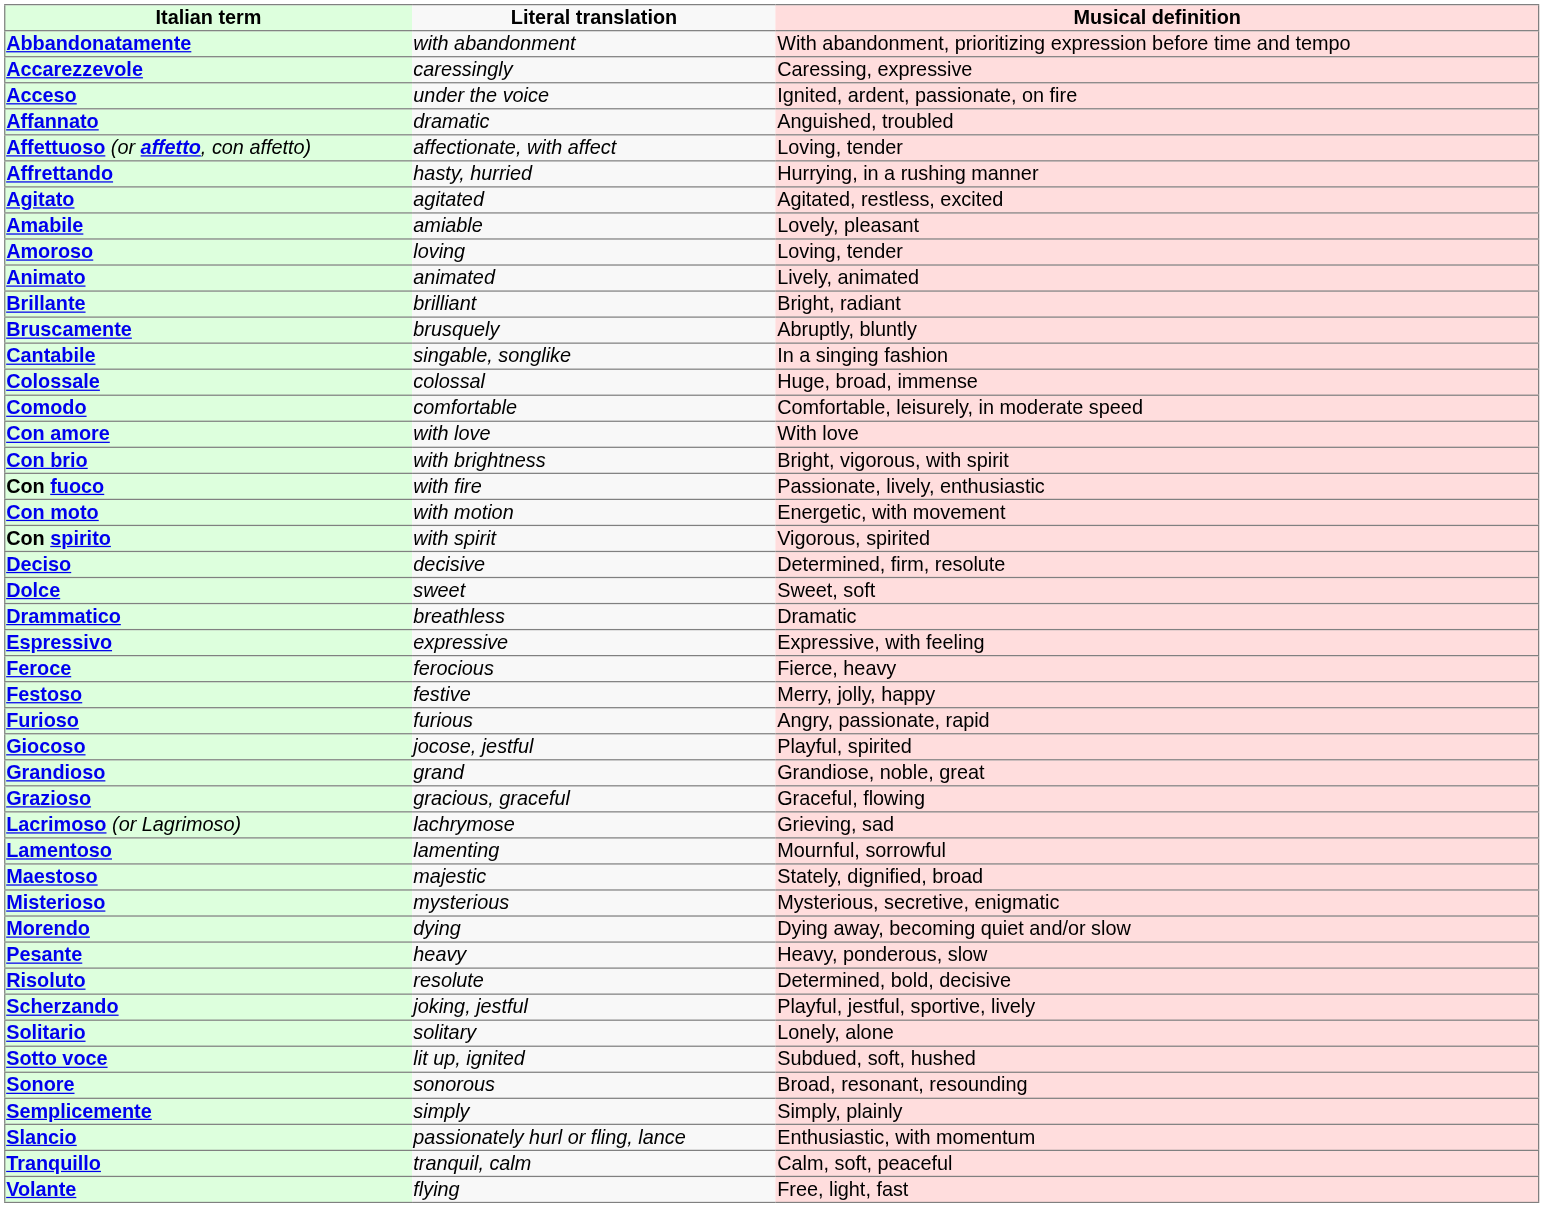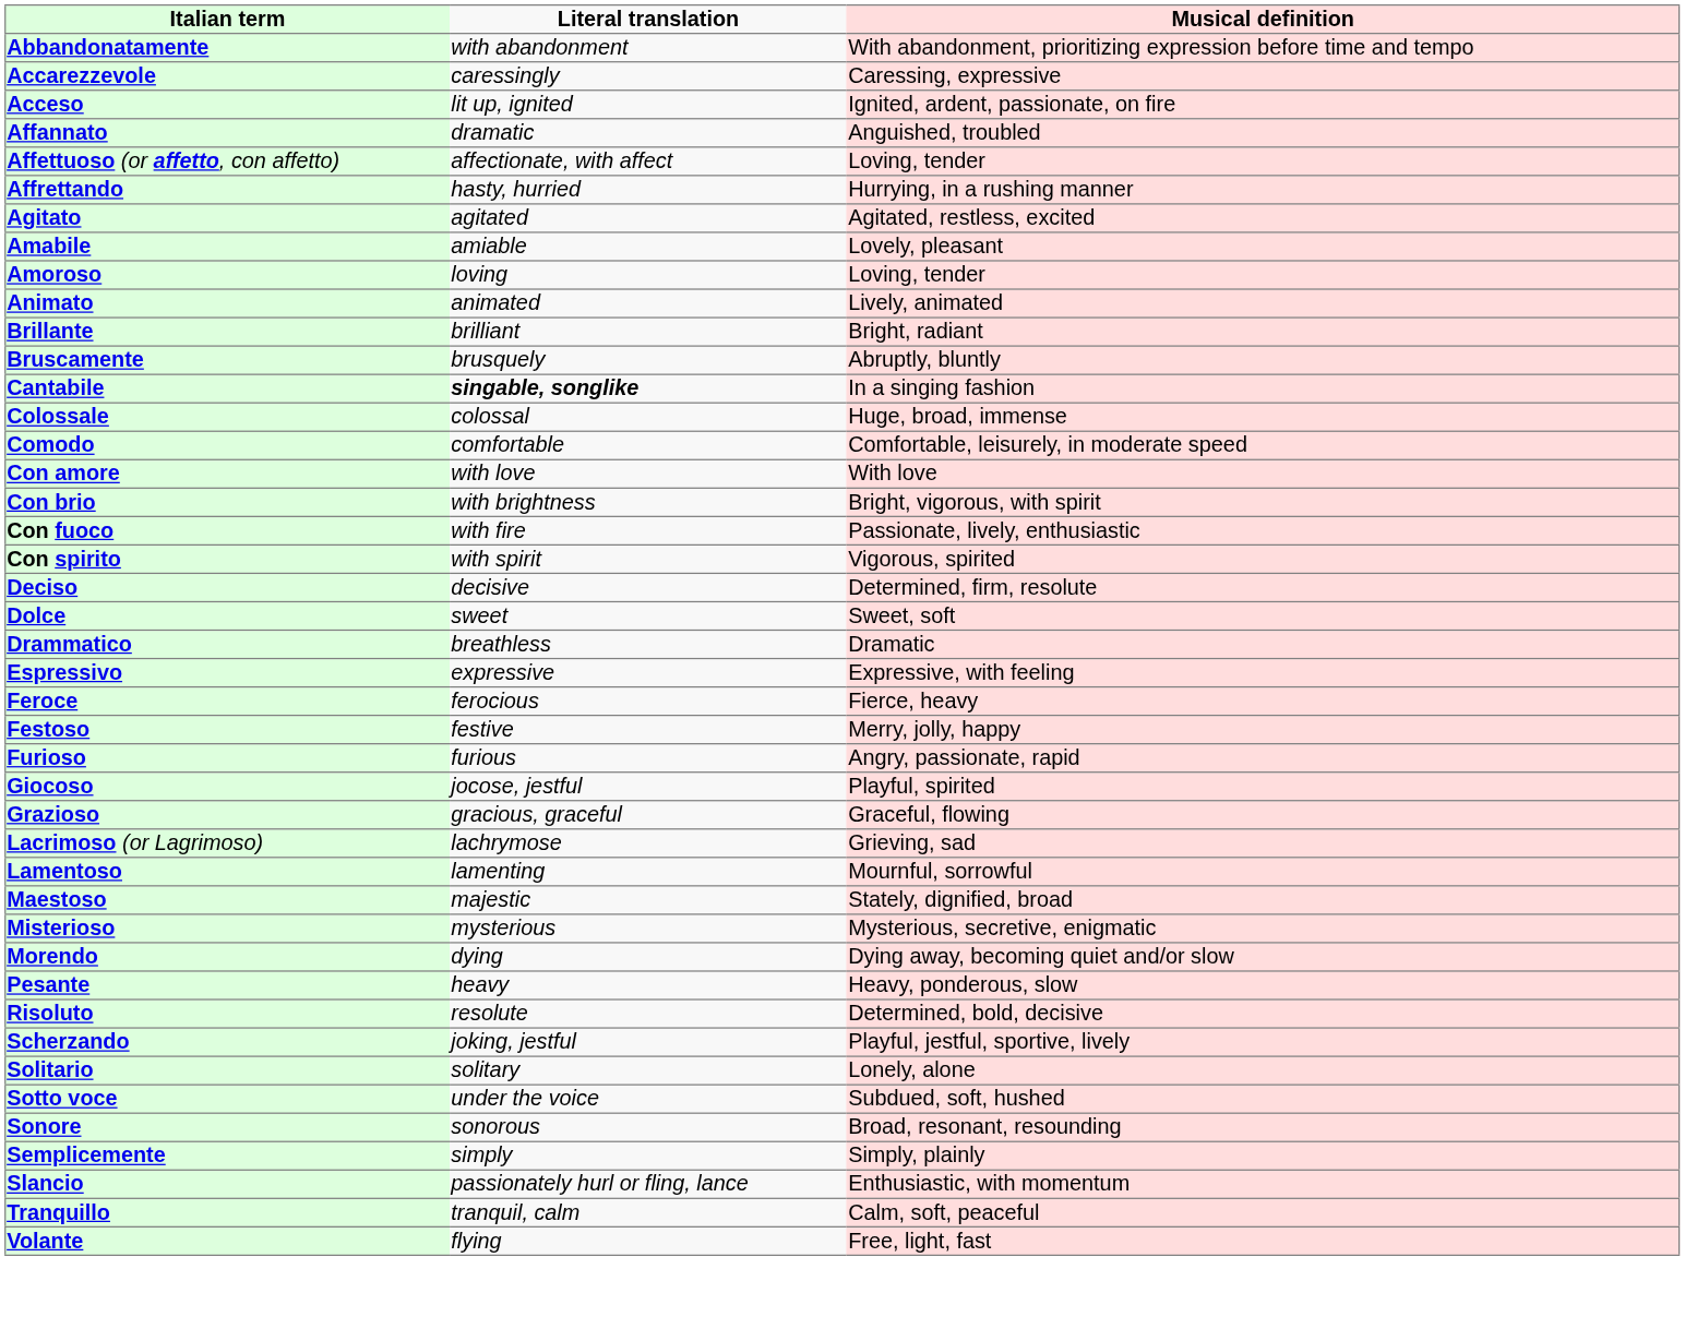 <table border="1" rules="rows" align="center" width="98%">
 <tr>
 <th bgcolor="#ddffdd">Italian term</th>
 <th bgcolor="#f8f8f8">Literal translation</th>
 <th bgcolor="#ffdddd">Musical definition</th>
 </tr>
 <tr>
 <td bgcolor="#ddffdd"><strong><a href='#'>Abbandonatamente</a></strong></td>
 <td bgcolor="#f8f8f8"><em>with abandonment</em></td>
 <td bgcolor="#ffdddd">With abandonment, prioritizing expression before time and tempo</td>
 </tr>
 <tr>
 <td bgcolor="#ddffdd"><strong><a href='#'>Accarezzevole</a></strong></td>
 <td bgcolor="#f8f8f8"><em>caressingly</em></td>
 <td bgcolor="#ffdddd">Caressing, expressive</td>
 </tr>
 <tr>
 <td bgcolor="#ddffdd"><strong><a href='#'>Acceso</a></strong></td>
-<td bgcolor="#f8f8f8"><em>under the voice</em></td>
+<td bgcolor="#f8f8f8"><em>lit up, ignited</em></td>
 <td bgcolor="#ffdddd">Ignited, ardent, passionate, on fire</td>
 </tr>
 <tr>
 <td bgcolor="#ddffdd"><strong><a href='#'>Affannato</a></strong></td>
 <td bgcolor="#f8f8f8"><em>dramatic</em></td>
 <td bgcolor="#ffdddd">Anguished, troubled</td>
 </tr>
 <tr>
 <td bgcolor="#ddffdd"><strong><a href='#'>Affettuoso</a></strong> <em>(or <strong><a href='#'>affetto</a></strong>, con affetto)</em></td>
 <td bgcolor="#f8f8f8"><em>affectionate, with affect</em></td>
 <td bgcolor="#ffdddd">Loving, tender</td>
 </tr>
 <tr>
 <td bgcolor="#ddffdd"><strong><a href='#'>Affrettando</a></strong></td>
 <td bgcolor="#f8f8f8"><em>hasty, hurried</em></td>
 <td bgcolor="#ffdddd">Hurrying, in a rushing manner</td>
 </tr>
 <tr>
 <td bgcolor="#ddffdd"><strong><a href='#'>Agitato</a></strong></td>
 <td bgcolor="#f8f8f8"><em>agitated</em></td>
 <td bgcolor="#ffdddd">Agitated, restless, excited</td>
 </tr>
 <tr>
 <td bgcolor="#ddffdd"><strong><a href='#'>Amabile</a></strong></td>
 <td bgcolor="#f8f8f8"><em>amiable</em></td>
 <td bgcolor="#ffdddd">Lovely, pleasant</td>
 </tr>
 <tr>
 <td bgcolor="#ddffdd"><strong><a href='#'>Amoroso</a></strong></td>
 <td bgcolor="#f8f8f8"><em>loving</em></td>
 <td bgcolor="#ffdddd">Loving, tender</td>
 </tr>
 <tr>
 <td bgcolor="#ddffdd"><strong><a href='#'>Animato</a></strong></td>
 <td bgcolor="#f8f8f8"><em>animated</em></td>
 <td bgcolor="#ffdddd">Lively, animated</td>
 </tr>
 <tr>
 <td bgcolor="#ddffdd"><strong><a href='#'>Brillante</a></strong></td>
 <td bgcolor="#f8f8f8"><em>brilliant</em></td>
 <td bgcolor="#ffdddd">Bright, radiant</td>
 </tr>
 <tr>
 <td bgcolor="#ddffdd"><strong><a href='#'>Bruscamente</a></strong></td>
 <td bgcolor="#f8f8f8"><em>brusquely</em></td>
 <td bgcolor="#ffdddd">Abruptly, bluntly</td>
 </tr>
 <tr>
 <td bgcolor="#ddffdd"><strong><a href='#'>Cantabile</a></strong></td>
-<td bgcolor="#f8f8f8"><em>singable, songlike</em></td>
+<td bgcolor="#f8f8f8"><strong><em>singable, songlike</em></strong></td>
 <td bgcolor="#ffdddd">In a singing fashion</td>
 </tr>
 <tr>
 <td bgcolor="#ddffdd"><strong><a href='#'>Colossale</a></strong></td>
 <td bgcolor="#f8f8f8"><em>colossal</em></td>
 <td bgcolor="#ffdddd">Huge, broad, immense</td>
 </tr>
 <tr>
 <td bgcolor="#ddffdd"><strong><a href='#'>Comodo</a></strong></td>
 <td bgcolor="#f8f8f8"><em>comfortable</em></td>
 <td bgcolor="#ffdddd">Comfortable, leisurely, in moderate speed</td>
 </tr>
 <tr>
 <td bgcolor="#ddffdd"><strong><a href='#'>Con amore</a></strong></td>
 <td bgcolor="#f8f8f8"><em>with love</em></td>
 <td bgcolor="#ffdddd">With love</td>
 </tr>
 <tr>
 <td bgcolor="#ddffdd"><strong><a href='#'>Con brio</a></strong></td>
 <td bgcolor="#f8f8f8"><em>with brightness</em></td>
 <td bgcolor="#ffdddd">Bright, vigorous, with spirit</td>
 </tr>
 <tr>
 <td bgcolor="#ddffdd"><strong>Con <a href='#'>fuoco</a></strong></td>
 <td bgcolor="#f8f8f8"><em>with fire</em></td>
 <td bgcolor="#ffdddd">Passionate, lively, enthusiastic</td>
-</tr>
-<tr>
-<td bgcolor="#ddffdd"><strong><a href='#'>Con moto</a></strong></td>
-<td bgcolor="#f8f8f8"><em>with motion</em></td>
-<td bgcolor="#ffdddd">Energetic, with movement</td>
 </tr>
 <tr>
 <td bgcolor="#ddffdd"><strong>Con <a href='#'>spirito</a></strong></td>
 <td bgcolor="#f8f8f8"><em>with spirit</em></td>
 <td bgcolor="#ffdddd">Vigorous, spirited</td>
 </tr>
 <tr>
 <td bgcolor="#ddffdd"><strong><a href='#'>Deciso</a></strong></td>
 <td bgcolor="#f8f8f8"><em>decisive</em></td>
 <td bgcolor="#ffdddd">Determined, firm, resolute</td>
 </tr>
 <tr>
 <td bgcolor="#ddffdd"><strong><a href='#'>Dolce</a></strong></td>
 <td bgcolor="#f8f8f8"><em>sweet</em></td>
 <td bgcolor="#ffdddd">Sweet, soft</td>
 </tr>
 <tr>
 <td bgcolor="#ddffdd"><strong><a href='#'>Drammatico</a></strong></td>
 <td bgcolor="#f8f8f8"><em>breathless</em></td>
 <td bgcolor="#ffdddd">Dramatic</td>
 </tr>
 <tr>
 <td bgcolor="#ddffdd"><strong><a href='#'>Espressivo</a></strong></td>
 <td bgcolor="#f8f8f8"><em>expressive</em></td>
 <td bgcolor="#ffdddd">Expressive, with feeling</td>
 </tr>
 <tr>
 <td bgcolor="#ddffdd"><strong><a href='#'>Feroce</a></strong></td>
 <td bgcolor="#f8f8f8"><em>ferocious</em></td>
 <td bgcolor="#ffdddd">Fierce, heavy</td>
 </tr>
 <tr>
 <td bgcolor="#ddffdd"><strong><a href='#'>Festoso</a></strong></td>
 <td bgcolor="#f8f8f8"><em>festive</em></td>
 <td bgcolor="#ffdddd">Merry, jolly, happy</td>
 </tr>
 <tr>
 <td bgcolor="#ddffdd"><strong><a href='#'>Furioso</a></strong></td>
 <td bgcolor="#f8f8f8"><em>furious</em></td>
 <td bgcolor="#ffdddd">Angry, passionate, rapid</td>
 </tr>
 <tr>
 <td bgcolor="#ddffdd"><strong><a href='#'>Giocoso</a></strong></td>
 <td bgcolor="#f8f8f8"><em>jocose, jestful</em></td>
 <td bgcolor="#ffdddd">Playful, spirited</td>
-</tr>
-<tr>
-<td bgcolor="#ddffdd"><strong><a href='#'>Grandioso</a></strong></td>
-<td bgcolor="#f8f8f8"><em>grand</em></td>
-<td bgcolor="#ffdddd">Grandiose, noble, great</td>
 </tr>
 <tr>
 <td bgcolor="#ddffdd"><strong><a href='#'>Grazioso</a></strong></td>
 <td bgcolor="#f8f8f8"><em>gracious, graceful</em></td>
 <td bgcolor="#ffdddd">Graceful, flowing</td>
 </tr>
 <tr>
 <td bgcolor="#ddffdd"><strong><a href='#'>Lacrimoso</a></strong> <em>(or Lagrimoso)</em></td>
 <td bgcolor="#f8f8f8"><em>lachrymose</em></td>
 <td bgcolor="#ffdddd">Grieving, sad</td>
 </tr>
 <tr>
 <td bgcolor="#ddffdd"><strong><a href='#'>Lamentoso</a></strong></td>
 <td bgcolor="#f8f8f8"><em>lamenting</em></td>
 <td bgcolor="#ffdddd">Mournful, sorrowful</td>
 </tr>
 <tr>
 <td bgcolor="#ddffdd"><strong><a href='#'>Maestoso</a></strong></td>
 <td bgcolor="#f8f8f8"><em>majestic</em></td>
 <td bgcolor="#ffdddd">Stately, dignified, broad</td>
 </tr>
 <tr>
 <td bgcolor="#ddffdd"><strong><a href='#'>Misterioso</a></strong></td>
 <td bgcolor="#f8f8f8"><em>mysterious</em></td>
 <td bgcolor="#ffdddd">Mysterious, secretive, enigmatic</td>
 </tr>
 <tr>
 <td bgcolor="#ddffdd"><strong><a href='#'>Morendo</a></strong></td>
 <td bgcolor="#f8f8f8"><em>dying</em></td>
 <td bgcolor="#ffdddd">Dying away, becoming quiet and/or slow</td>
 </tr>
 <tr>
 <td bgcolor="#ddffdd"><strong><a href='#'>Pesante</a></strong></td>
 <td bgcolor="#f8f8f8"><em>heavy</em></td>
 <td bgcolor="#ffdddd">Heavy, ponderous, slow</td>
 </tr>
 <tr>
 <td bgcolor="#ddffdd"><strong><a href='#'>Risoluto</a></strong></td>
 <td bgcolor="#f8f8f8"><em>resolute</em></td>
 <td bgcolor="#ffdddd">Determined, bold, decisive</td>
 </tr>
 <tr>
 <td bgcolor="#ddffdd"><strong><a href='#'>Scherzando</a></strong></td>
 <td bgcolor="#f8f8f8"><em>joking, jestful</em></td>
 <td bgcolor="#ffdddd">Playful, jestful, sportive, lively</td>
 </tr>
 <tr>
 <td bgcolor="#ddffdd"><strong><a href='#'>Solitario</a></strong></td>
 <td bgcolor="#f8f8f8"><em>solitary</em></td>
 <td bgcolor="#ffdddd">Lonely, alone</td>
 </tr>
 <tr>
 <td bgcolor="#ddffdd"><strong><a href='#'>Sotto voce</a></strong></td>
-<td bgcolor="#f8f8f8"><em>lit up, ignited</em></td>
+<td bgcolor="#f8f8f8"><em>under the voice</em></td>
 <td bgcolor="#ffdddd">Subdued, soft, hushed</td>
 </tr>
 <tr>
 <td bgcolor="#ddffdd"><strong><a href='#'>Sonore</a></strong></td>
 <td bgcolor="#f8f8f8"><em>sonorous</em></td>
 <td bgcolor="#ffdddd">Broad, resonant, resounding</td>
 </tr>
 <tr>
 <td bgcolor="#ddffdd"><strong><a href='#'>Semplicemente</a></strong></td>
 <td bgcolor="#f8f8f8"><em>simply</em></td>
 <td bgcolor="#ffdddd">Simply, plainly</td>
 </tr>
 <tr>
 <td bgcolor="#ddffdd"><strong><a href='#'>Slancio</a></strong></td>
 <td bgcolor="#f8f8f8"><em>passionately hurl or fling, lance</em></td>
 <td bgcolor="#ffdddd">Enthusiastic, with momentum</td>
 </tr>
 <tr>
 <td bgcolor="#ddffdd"><strong><a href='#'>Tranquillo</a></strong></td>
 <td bgcolor="#f8f8f8"><em>tranquil, calm</em></td>
 <td bgcolor="#ffdddd">Calm, soft, peaceful</td>
 </tr>
 <tr>
 <td bgcolor="#ddffdd"><strong><a href='#'>Volante</a></strong></td>
 <td bgcolor="#f8f8f8"><em>flying</em></td>
 <td bgcolor="#ffdddd">Free, light, fast</td>
 </tr>
 </table>
